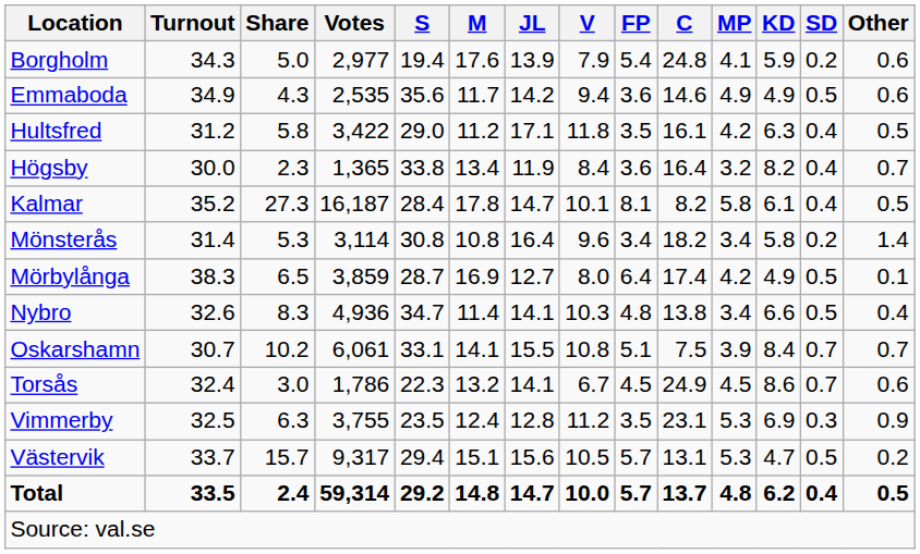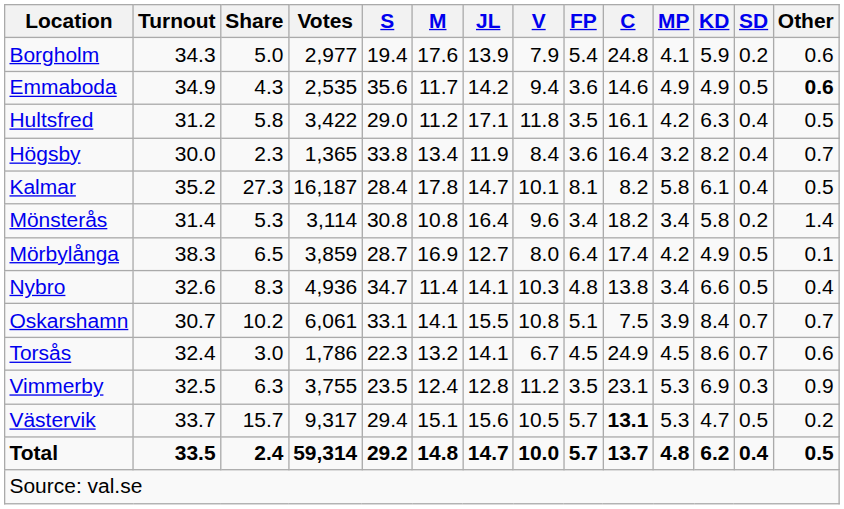 <table class="wikitable sortable" style=text-align:right>
 <tr>
 <th>Location</th>
 <th>Turnout</th>
 <th>Share</th>
 <th>Votes</th>
 <th><a href='#'>S</a></th>
 <th><a href='#'>M</a></th>
 <th><a href='#'>JL</a></th>
 <th><a href='#'>V</a></th>
 <th><a href='#'>FP</a></th>
 <th><a href='#'>C</a></th>
 <th><a href='#'>MP</a></th>
 <th><a href='#'>KD</a></th>
 <th><a href='#'>SD</a></th>
 <th>Other</th>
 </tr>
 <tr>
 <td align=left><a href='#'>Borgholm</a></td>
 <td>34.3</td>
 <td>5.0</td>
 <td>2,977</td>
 <td>19.4</td>
 <td>17.6</td>
 <td>13.9</td>
 <td>7.9</td>
 <td>5.4</td>
 <td>24.8</td>
 <td>4.1</td>
 <td>5.9</td>
 <td>0.2</td>
 <td>0.6</td>
 </tr>
 <tr>
 <td align=left><a href='#'>Emmaboda</a></td>
 <td>34.9</td>
 <td>4.3</td>
 <td>2,535</td>
 <td>35.6</td>
 <td>11.7</td>
 <td>14.2</td>
 <td>9.4</td>
 <td>3.6</td>
 <td>14.6</td>
 <td>4.9</td>
 <td>4.9</td>
 <td>0.5</td>
-<td>0.6</td>
+<td><strong>0.6</strong></td>
 </tr>
 <tr>
 <td align=left><a href='#'>Hultsfred</a></td>
 <td>31.2</td>
 <td>5.8</td>
 <td>3,422</td>
 <td>29.0</td>
 <td>11.2</td>
 <td>17.1</td>
 <td>11.8</td>
 <td>3.5</td>
 <td>16.1</td>
 <td>4.2</td>
 <td>6.3</td>
 <td>0.4</td>
 <td>0.5</td>
 </tr>
 <tr>
 <td align=left><a href='#'>Högsby</a></td>
 <td>30.0</td>
 <td>2.3</td>
 <td>1,365</td>
 <td>33.8</td>
 <td>13.4</td>
 <td>11.9</td>
 <td>8.4</td>
 <td>3.6</td>
 <td>16.4</td>
 <td>3.2</td>
 <td>8.2</td>
 <td>0.4</td>
 <td>0.7</td>
 </tr>
 <tr>
 <td align=left><a href='#'>Kalmar</a></td>
 <td>35.2</td>
 <td>27.3</td>
 <td>16,187</td>
 <td>28.4</td>
 <td>17.8</td>
 <td>14.7</td>
 <td>10.1</td>
 <td>8.1</td>
 <td>8.2</td>
 <td>5.8</td>
 <td>6.1</td>
 <td>0.4</td>
 <td>0.5</td>
 </tr>
 <tr>
 <td align=left><a href='#'>Mönsterås</a></td>
 <td>31.4</td>
 <td>5.3</td>
 <td>3,114</td>
 <td>30.8</td>
 <td>10.8</td>
 <td>16.4</td>
 <td>9.6</td>
 <td>3.4</td>
 <td>18.2</td>
 <td>3.4</td>
 <td>5.8</td>
 <td>0.2</td>
 <td>1.4</td>
 </tr>
 <tr>
 <td align=left><a href='#'>Mörbylånga</a></td>
 <td>38.3</td>
 <td>6.5</td>
 <td>3,859</td>
 <td>28.7</td>
 <td>16.9</td>
 <td>12.7</td>
 <td>8.0</td>
 <td>6.4</td>
 <td>17.4</td>
 <td>4.2</td>
 <td>4.9</td>
 <td>0.5</td>
 <td>0.1</td>
 </tr>
 <tr>
 <td align=left><a href='#'>Nybro</a></td>
 <td>32.6</td>
 <td>8.3</td>
 <td>4,936</td>
 <td>34.7</td>
 <td>11.4</td>
 <td>14.1</td>
 <td>10.3</td>
 <td>4.8</td>
 <td>13.8</td>
 <td>3.4</td>
 <td>6.6</td>
 <td>0.5</td>
 <td>0.4</td>
 </tr>
 <tr>
 <td align=left><a href='#'>Oskarshamn</a></td>
 <td>30.7</td>
 <td>10.2</td>
 <td>6,061</td>
 <td>33.1</td>
 <td>14.1</td>
 <td>15.5</td>
 <td>10.8</td>
 <td>5.1</td>
 <td>7.5</td>
 <td>3.9</td>
 <td>8.4</td>
 <td>0.7</td>
 <td>0.7</td>
 </tr>
 <tr>
 <td align=left><a href='#'>Torsås</a></td>
 <td>32.4</td>
 <td>3.0</td>
 <td>1,786</td>
 <td>22.3</td>
 <td>13.2</td>
 <td>14.1</td>
 <td>6.7</td>
 <td>4.5</td>
 <td>24.9</td>
 <td>4.5</td>
 <td>8.6</td>
 <td>0.7</td>
 <td>0.6</td>
 </tr>
 <tr>
 <td align=left><a href='#'>Vimmerby</a></td>
 <td>32.5</td>
 <td>6.3</td>
 <td>3,755</td>
 <td>23.5</td>
 <td>12.4</td>
 <td>12.8</td>
 <td>11.2</td>
 <td>3.5</td>
 <td>23.1</td>
 <td>5.3</td>
 <td>6.9</td>
 <td>0.3</td>
 <td>0.9</td>
 </tr>
 <tr>
 <td align=left><a href='#'>Västervik</a></td>
 <td>33.7</td>
 <td>15.7</td>
 <td>9,317</td>
 <td>29.4</td>
 <td>15.1</td>
 <td>15.6</td>
 <td>10.5</td>
 <td>5.7</td>
-<td>13.1</td>
+<td><strong>13.1</strong></td>
 <td>5.3</td>
 <td>4.7</td>
 <td>0.5</td>
 <td>0.2</td>
 </tr>
 <tr>
 <td align=left><strong>Total</strong></td>
 <td><strong>33.5</strong></td>
 <td><strong>2.4</strong></td>
 <td><strong>59,314</strong></td>
 <td><strong>29.2</strong></td>
 <td><strong>14.8</strong></td>
 <td><strong>14.7</strong></td>
 <td><strong>10.0</strong></td>
 <td><strong>5.7</strong></td>
 <td><strong>13.7</strong></td>
 <td><strong>4.8</strong></td>
 <td><strong>6.2</strong></td>
 <td><strong>0.4</strong></td>
 <td><strong>0.5</strong></td>
 </tr>
 <tr>
 <td align=left colspan=14>Source: val.se </td>
 </tr>
 </table>
